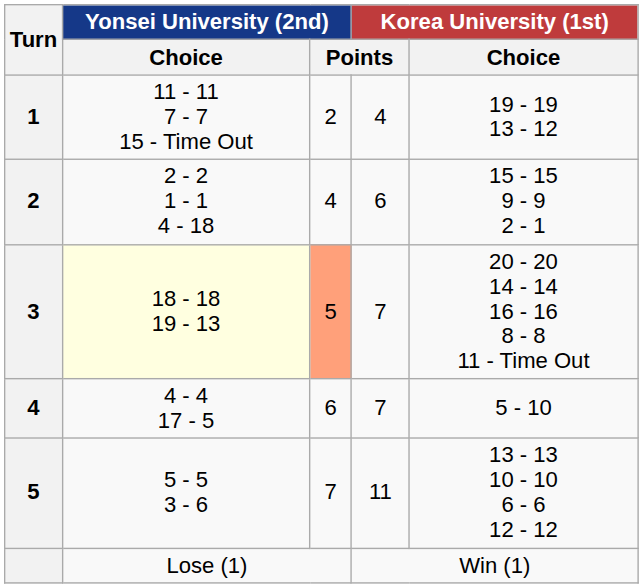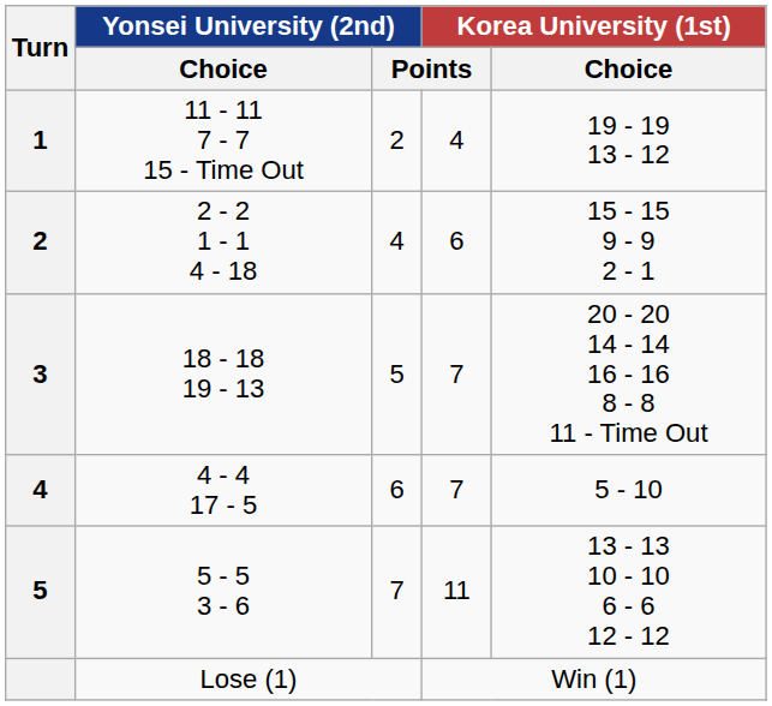 <table class="wikitable" style="text-align:center">
 <tr>
 <th scope="col" rowspan="2">Turn</th>
 <th scope="col" colspan="2" style="background-color:#153888;color:white;width:200px">Yonsei University (2nd)<br></th>
 <th scope="col" colspan="2" style="background-color:#BF3B3C;color:white;width:200px">Korea University (1st)<br></th>
 </tr>
 <tr>
 <th scope="col">Choice</th>
 <th scope="col" colspan="2">Points</th>
 <th scope="col">Choice</th>
 </tr>
 <tr>
 <th scope="row">1</th>
 <td>11 - 11<br>7 - 7<br>15 - Time Out</td>
 <td>2</td>
 <td>4</td>
 <td>19 - 19<br>13 - 12</td>
 </tr>
 <tr>
 <th scope="row">2</th>
 <td>2 - 2<br>1 - 1<br>4 - 18</td>
 <td>4</td>
 <td>6</td>
 <td>15 - 15<br>9 - 9<br>2 - 1</td>
 </tr>
 <tr>
 <th scope="row">3</th>
-<td style="background: lightyellow;">18 - 18<br>19 - 13</td>
-<td style="background: lightsalmon;">5</td>
+<td>18 - 18<br>19 - 13</td>
+<td>5</td>
 <td>7</td>
 <td>20 - 20<br>14 - 14<br>16 - 16<br>8 - 8<br>11 - Time Out</td>
 </tr>
 <tr>
 <th scope="row">4</th>
 <td>4 - 4<br>17 - 5</td>
 <td>6</td>
 <td>7</td>
 <td>5 - 10</td>
 </tr>
 <tr>
 <th scope="row">5</th>
 <td>5 - 5<br>3 - 6</td>
 <td>7</td>
 <td>11</td>
 <td>13 - 13<br>10 - 10<br>6 - 6<br>12 - 12</td>
 </tr>
 <tr>
 <th scope="row"></th>
 <td colspan="2">Lose (1)</td>
 <td colspan="2">Win (1)</td>
 </tr>
 </table>
